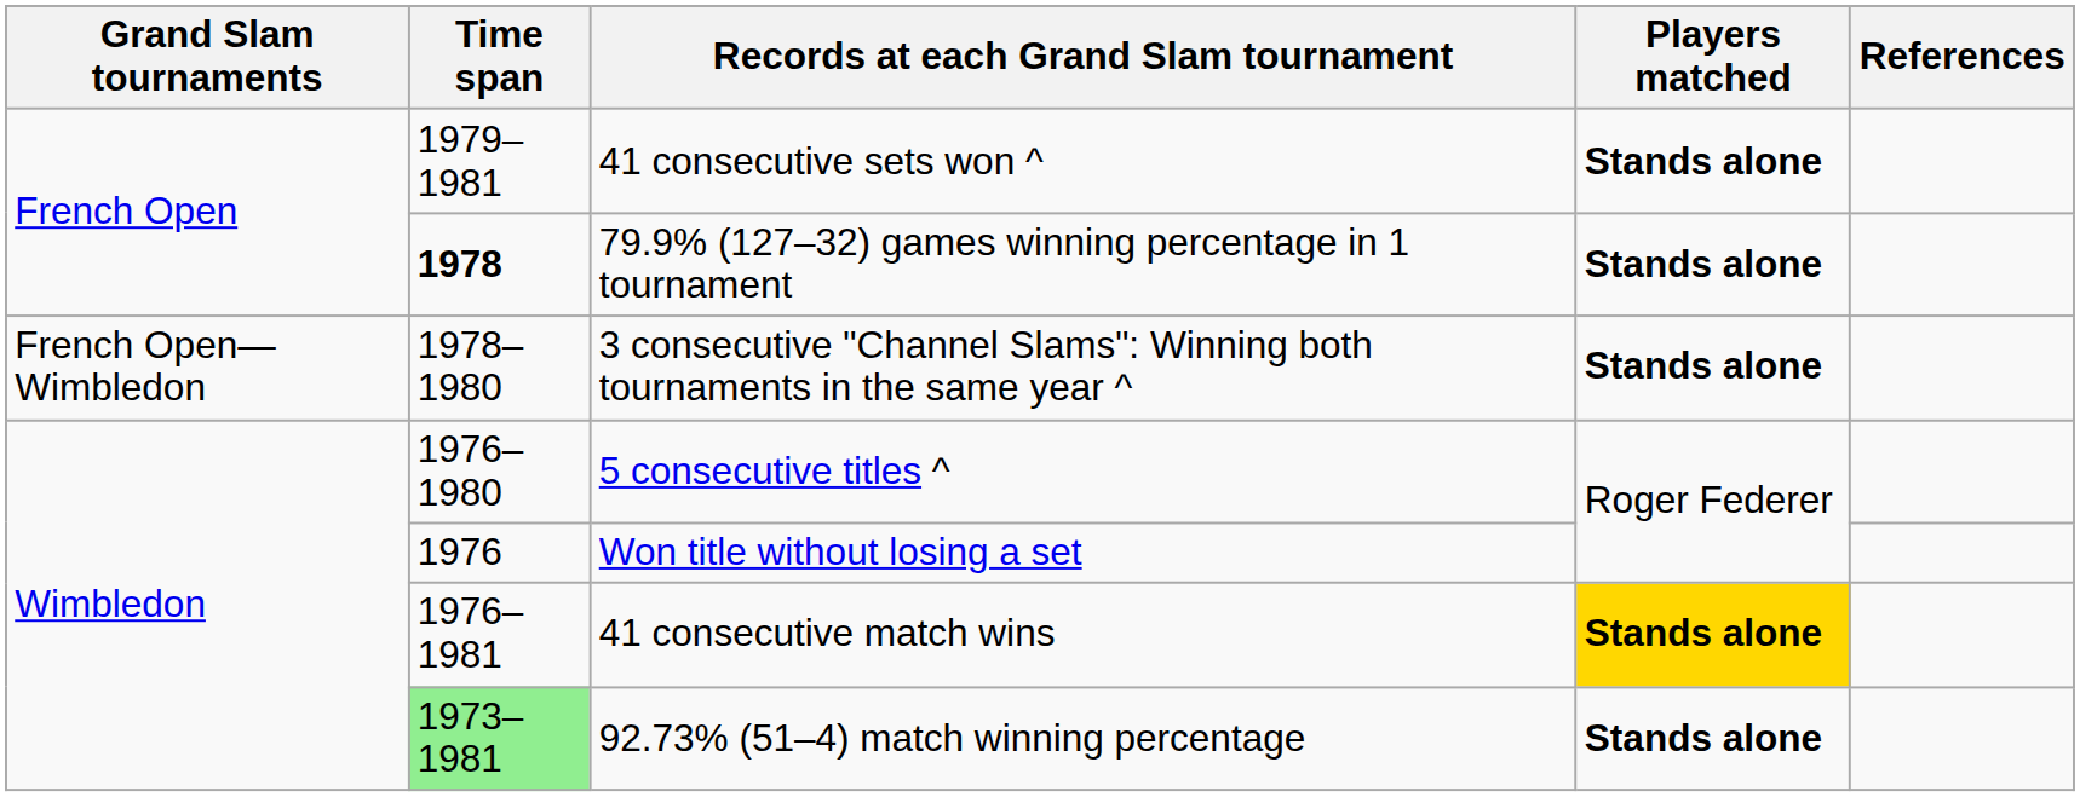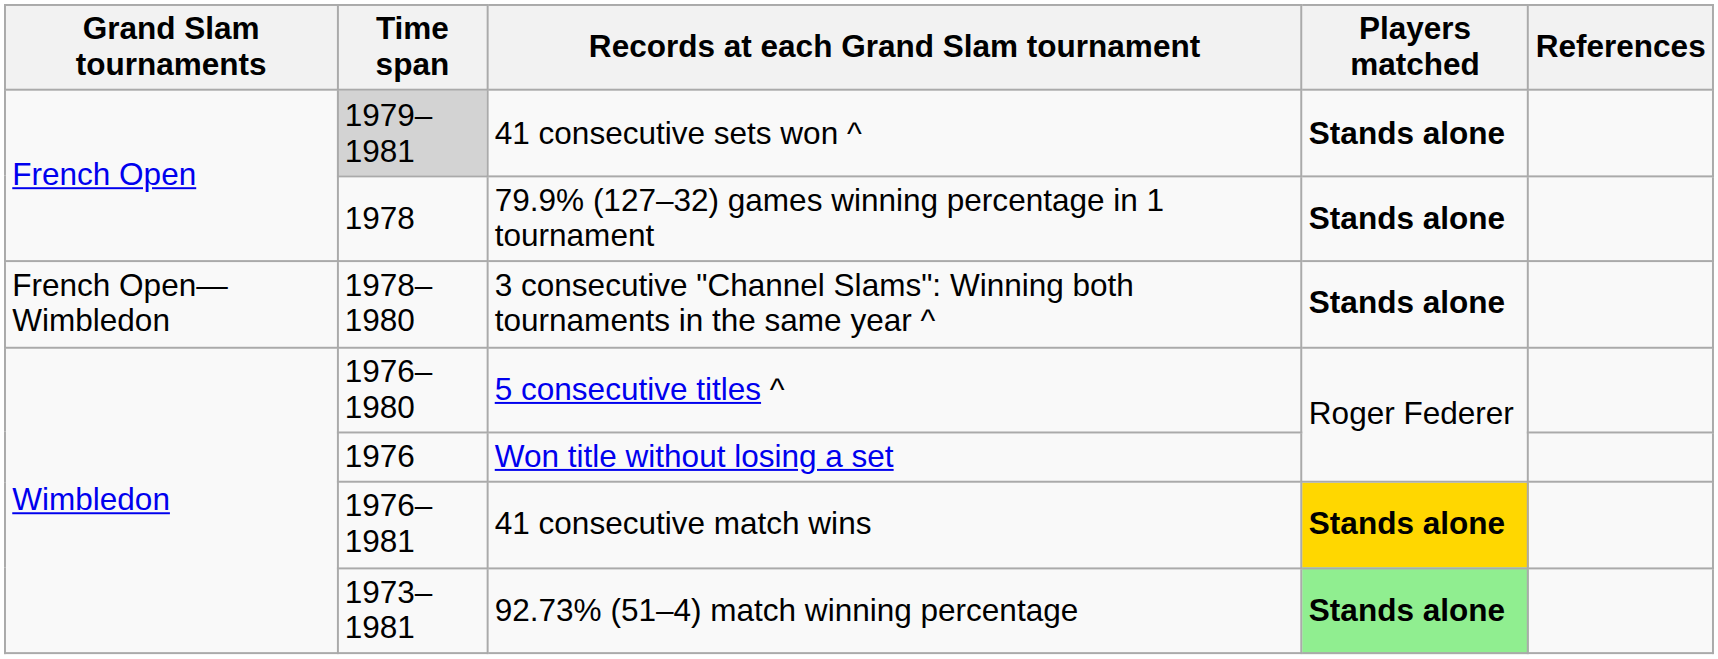 <table class="wikitable collapsible collapsed">
 <tr>
 <th>Grand Slam tournaments</th>
 <th>Time span</th>
 <th>Records at each Grand Slam tournament</th>
 <th>Players matched</th>
 <th>References</th>
 </tr>
 <tr>
 <td rowspan="2"><a href='#'>French Open</a></td>
-<td>1979–1981</td>
+<td style="background: lightgrey;">1979–1981</td>
 <td>41 consecutive sets won ^</td>
 <td><strong>Stands alone</strong></td>
 <td></td>
 </tr>
 <tr>
-<td><strong>1978</strong></td>
+<td>1978</td>
 <td>79.9% (127–32) games winning percentage in 1 tournament</td>
 <td><strong>Stands alone</strong></td>
 <td></td>
 </tr>
 <tr>
 <td>French Open—Wimbledon</td>
 <td>1978–1980</td>
 <td>3 consecutive "Channel Slams": Winning both tournaments in the same year ^</td>
 <td><strong>Stands alone</strong></td>
 <td></td>
 </tr>
 <tr>
 <td rowspan="4"><a href='#'>Wimbledon</a></td>
 <td>1976–1980</td>
 <td><a href='#'>5 consecutive titles</a> ^</td>
 <td rowspan="2">Roger Federer</td>
 <td></td>
 </tr>
 <tr>
 <td>1976</td>
 <td><a href='#'>Won title without losing a set</a></td>
 <td></td>
 </tr>
 <tr>
 <td>1976–1981</td>
 <td>41 consecutive match wins</td>
 <td style="background: gold;"><strong>Stands alone</strong></td>
 <td></td>
 </tr>
 <tr>
-<td style="background: lightgreen;">1973–1981</td>
+<td>1973–1981</td>
 <td>92.73% (51–4) match winning percentage</td>
-<td><strong>Stands alone</strong></td>
+<td style="background: lightgreen;"><strong>Stands alone</strong></td>
 <td></td>
 </tr>
 </table>
